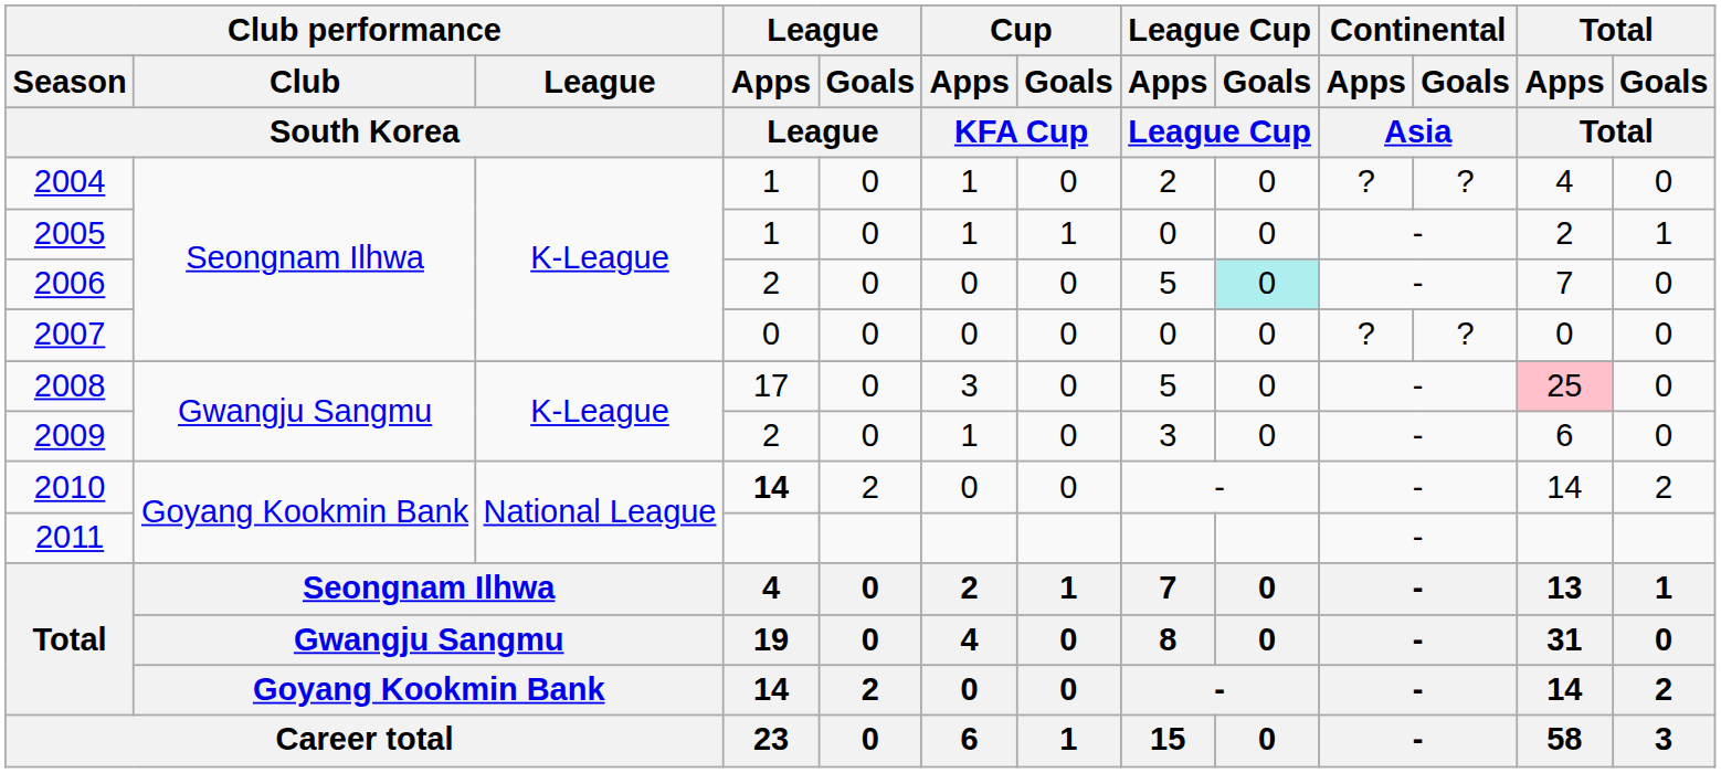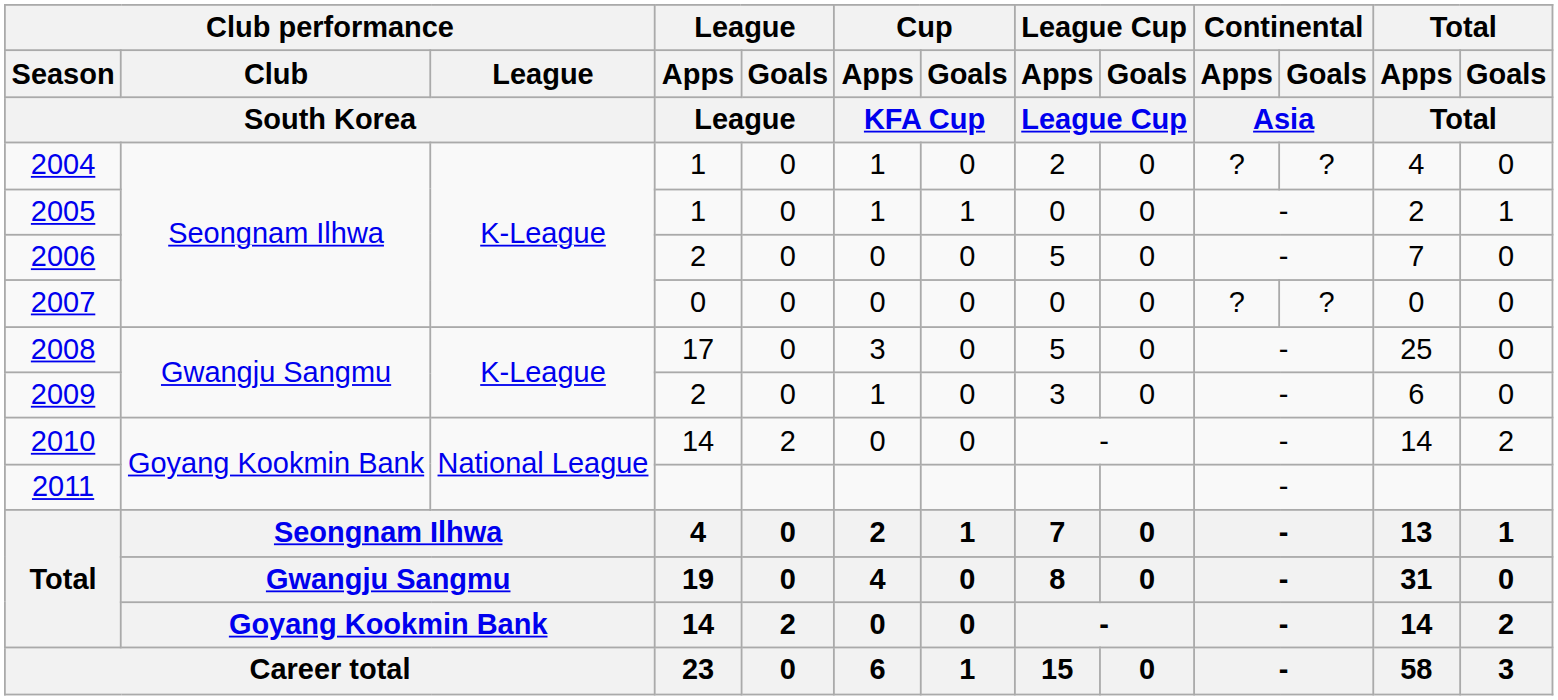 <table class="wikitable" style="text-align:center">
 <tr>
 <th colspan=3>Club performance</th>
 <th colspan=2>League</th>
 <th colspan=2>Cup</th>
 <th colspan=2>League Cup</th>
 <th colspan=2>Continental</th>
 <th colspan=2>Total</th>
 </tr>
 <tr>
 <th>Season</th>
 <th>Club</th>
 <th>League</th>
 <th>Apps</th>
 <th>Goals</th>
 <th>Apps</th>
 <th>Goals</th>
 <th>Apps</th>
 <th>Goals</th>
 <th>Apps</th>
 <th>Goals</th>
 <th>Apps</th>
 <th>Goals</th>
 </tr>
 <tr>
 <th colspan=3>South Korea</th>
 <th colspan=2>League</th>
 <th colspan=2><a href='#'>KFA Cup</a></th>
 <th colspan=2><a href='#'>League Cup</a></th>
 <th colspan=2><a href='#'>Asia</a></th>
 <th colspan=2>Total</th>
 </tr>
 <tr>
 <td><a href='#'>2004</a></td>
 <td rowspan="4"><a href='#'>Seongnam Ilhwa</a></td>
 <td rowspan="4"><a href='#'>K-League</a></td>
 <td>1</td>
 <td>0</td>
 <td>1</td>
 <td>0</td>
 <td>2</td>
 <td>0</td>
 <td>?</td>
 <td>?</td>
 <td>4</td>
 <td>0</td>
 </tr>
 <tr>
 <td><a href='#'>2005</a></td>
 <td>1</td>
 <td>0</td>
 <td>1</td>
 <td>1</td>
 <td>0</td>
 <td>0</td>
 <td colspan="2">-</td>
 <td>2</td>
 <td>1</td>
 </tr>
 <tr>
 <td><a href='#'>2006</a></td>
 <td>2</td>
 <td>0</td>
 <td>0</td>
 <td>0</td>
 <td>5</td>
-<td style="background: paleturquoise;">0</td>
+<td>0</td>
 <td colspan="2">-</td>
 <td>7</td>
 <td>0</td>
 </tr>
 <tr>
 <td><a href='#'>2007</a></td>
 <td>0</td>
 <td>0</td>
 <td>0</td>
 <td>0</td>
 <td>0</td>
 <td>0</td>
 <td>?</td>
 <td>?</td>
 <td>0</td>
 <td>0</td>
 </tr>
 <tr>
 <td><a href='#'>2008</a></td>
 <td rowspan="2"><a href='#'>Gwangju Sangmu</a></td>
 <td rowspan="2"><a href='#'>K-League</a></td>
 <td>17</td>
 <td>0</td>
 <td>3</td>
 <td>0</td>
 <td>5</td>
 <td>0</td>
 <td colspan="2">-</td>
-<td style="background: pink;">25</td>
+<td>25</td>
 <td>0</td>
 </tr>
 <tr>
 <td><a href='#'>2009</a></td>
 <td>2</td>
 <td>0</td>
 <td>1</td>
 <td>0</td>
 <td>3</td>
 <td>0</td>
 <td colspan="2">-</td>
 <td>6</td>
 <td>0</td>
 </tr>
 <tr>
 <td><a href='#'>2010</a></td>
 <td rowspan="2"><a href='#'>Goyang Kookmin Bank</a></td>
 <td rowspan="2"><a href='#'>National League</a></td>
-<td><strong>14</strong></td>
+<td>14</td>
 <td>2</td>
 <td>0</td>
 <td>0</td>
 <td colspan="2">-</td>
 <td colspan="2">-</td>
 <td>14</td>
 <td>2</td>
 </tr>
 <tr>
 <td><a href='#'>2011</a></td>
 <td></td>
 <td></td>
 <td></td>
 <td></td>
 <td></td>
 <td></td>
 <td colspan="2">-</td>
 <td></td>
 <td></td>
 </tr>
 <tr>
 <th rowspan=3>Total</th>
 <th colspan=2><a href='#'>Seongnam Ilhwa</a></th>
 <th>4</th>
 <th>0</th>
 <th>2</th>
 <th>1</th>
 <th>7</th>
 <th>0</th>
 <th colspan="2">-</th>
 <th>13</th>
 <th>1</th>
 </tr>
 <tr>
 <th colspan=2><a href='#'>Gwangju Sangmu</a></th>
 <th>19</th>
 <th>0</th>
 <th>4</th>
 <th>0</th>
 <th>8</th>
 <th>0</th>
 <th colspan="2">-</th>
 <th>31</th>
 <th>0</th>
 </tr>
 <tr>
 <th colspan=2><a href='#'>Goyang Kookmin Bank</a></th>
 <th>14</th>
 <th>2</th>
 <th>0</th>
 <th>0</th>
 <th colspan="2">-</th>
 <th colspan="2">-</th>
 <th>14</th>
 <th>2</th>
 </tr>
 <tr>
 <th colspan=3>Career total</th>
 <th>23</th>
 <th>0</th>
 <th>6</th>
 <th>1</th>
 <th>15</th>
 <th>0</th>
 <th colspan="2">-</th>
 <th>58</th>
 <th>3</th>
 </tr>
 </table>
